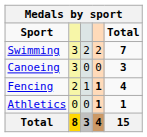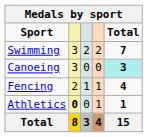 <table class=wikitable style="font-size:85%; float:right">
 <tr bgcolor=efefef>
 <th colspan=7>Medals by sport</th>
 </tr>
 <tr align=center>
 <td><strong>Sport</strong></td>
 <td bgcolor=f7f6a8></td>
 <td bgcolor=dce5e5></td>
 <td bgcolor=ffdab9></td>
 <td><strong>Total</strong></td>
 </tr>
 <tr align=center>
 <td align=left><a href='#'>Swimming</a></td>
 <td style="background:#F7F6A8;">3</td>
 <td style="background:#DCE5E5;">2</td>
 <td style="background:#FFDAB9;">2</td>
 <td><strong>7</strong></td>
 </tr>
 <tr align=center>
 <td align=left><a href='#'>Canoeing</a></td>
 <td style="background:#F7F6A8;">3</td>
 <td style="background:#DCE5E5;">0</td>
 <td style="background:#FFDAB9;">0</td>
-<td><strong>3</strong></td>
+<td style="background: paleturquoise;"><strong>3</strong></td>
 </tr>
 <tr align=center>
 <td align=left><a href='#'>Fencing</a></td>
 <td style="background:#F7F6A8;">2</td>
 <td style="background:#DCE5E5;">1</td>
-<td style="background:#FFDAB9;"><strong>1</strong></td>
+<td style="background:#FFDAB9;">1</td>
 <td><strong>4</strong></td>
 </tr>
 <tr align=center>
 <td align=left><a href='#'>Athletics</a></td>
-<td style="background:#F7F6A8;">0</td>
+<td style="background:#F7F6A8;"><strong>0</strong></td>
 <td style="background:#DCE5E5;">0</td>
-<td style="background:#FFDAB9;"><strong>1</strong></td>
+<td style="background:#FFDAB9;">1</td>
 <td><strong>1</strong></td>
 </tr>
 <tr align=center>
 <th>Total</th>
 <th style="background:gold">8</th>
 <th style="background:silver">3</th>
 <th style="background:#c96">4</th>
 <th>15</th>
 </tr>
 </table>
